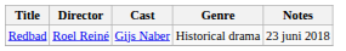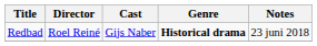 <table class="wikitable">
 <tr>
 <th>Title</th>
 <th>Director</th>
 <th>Cast</th>
 <th>Genre</th>
 <th>Notes</th>
 </tr>
 <tr>
 <td><a href='#'>Redbad</a></td>
 <td><a href='#'>Roel Reiné</a></td>
 <td><a href='#'>Gijs Naber</a></td>
-<td>Historical drama</td>
+<td><strong>Historical drama</strong></td>
 <td>23 juni 2018</td>
 </tr>
 <tr>
 </tr>
 </table>
